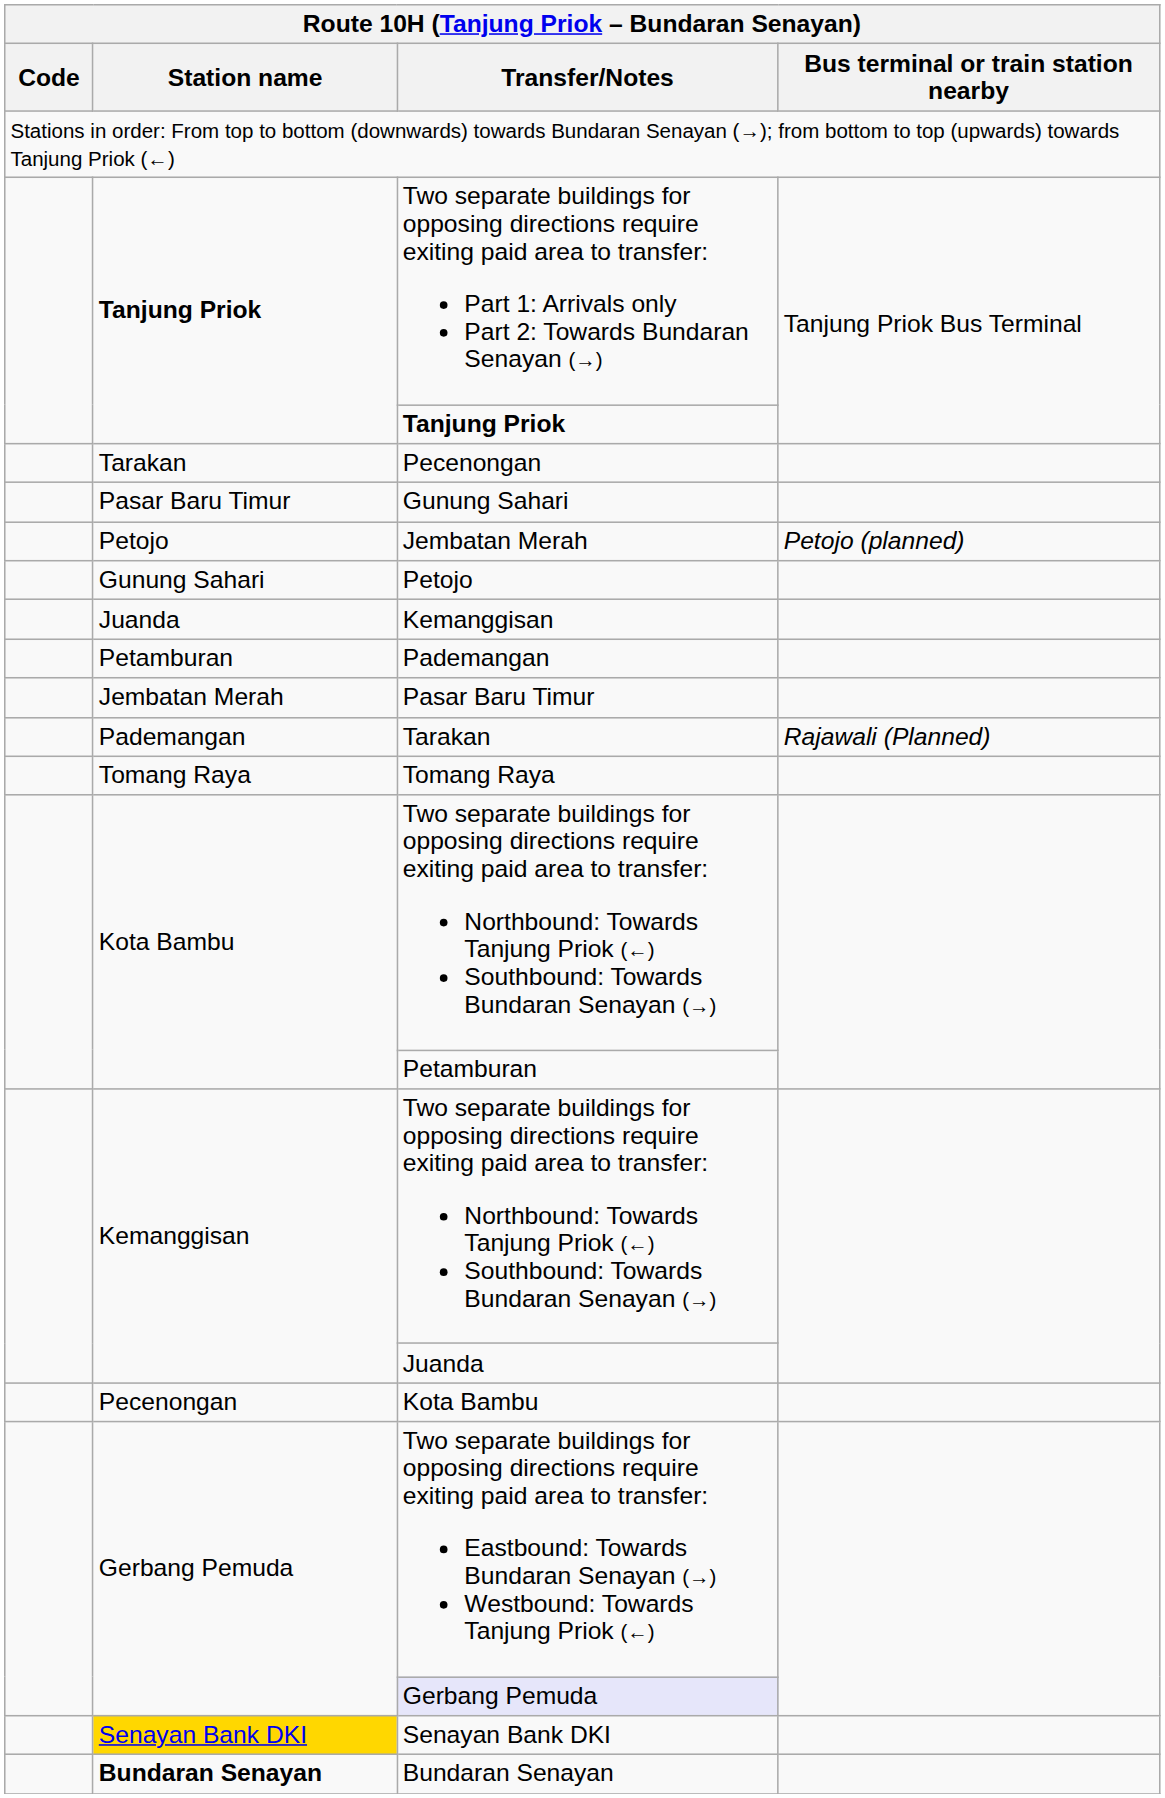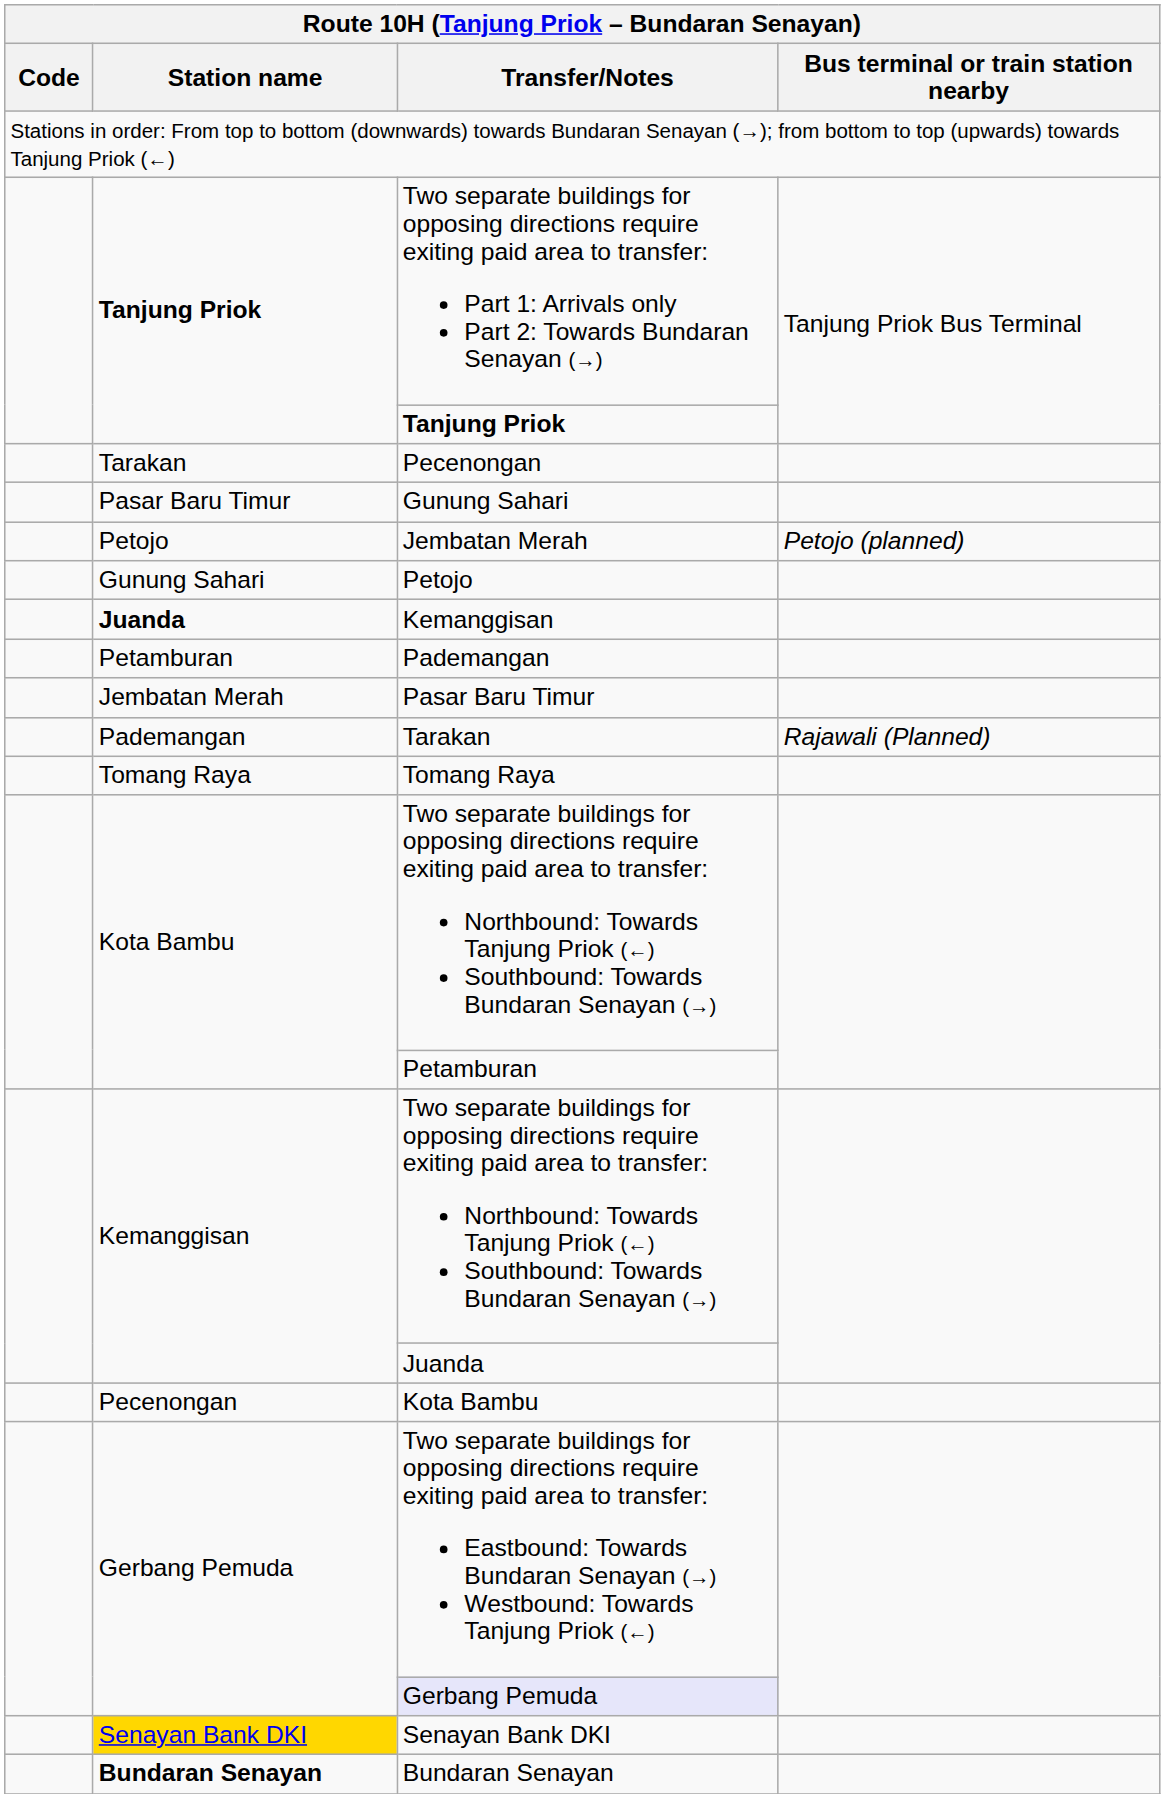 <table class="wikitable" style="font-size:100%">
 <tr>
 <th colspan="4" align="left"> Route 10H (<a href='#'>Tanjung Priok</a> – Bundaran Senayan)</th>
 </tr>
 <tr>
 <th width="50">Code</th>
 <th width="190">Station name</th>
 <th width="240">Transfer/Notes</th>
 <th width="240">Bus terminal or train station nearby</th>
 </tr>
 <tr>
 <td colspan="4"><small>Stations in order: From top to bottom (downwards) towards Bundaran Senayan (→); from bottom to top (upwards) towards Tanjung Priok (←)</small></td>
 </tr>
 <tr>
 <td rowspan="2" align="center"><strong></strong><br><strong></strong></td>
 <td rowspan="2"><strong>Tanjung Priok</strong></td>
 <td>Two separate buildings for opposing directions require exiting paid area to transfer:<br><ul><li>Part 1: Arrivals only</li><li>Part 2: Towards Bundaran Senayan <small>(→)</small></li></ul></td>
 <td rowspan="2"> <br> Tanjung Priok Bus Terminal</td>
 </tr>
 <tr>
 <td><strong>   Tanjung Priok</strong></td>
 </tr>
 <tr>
 <td align="center"><strong></strong></td>
 <td>Tarakan</td>
 <td>    Pecenongan</td>
 <td></td>
 </tr>
 <tr>
 <td align="center"><strong></strong><br><strong></strong></td>
 <td>Pasar Baru Timur</td>
 <td>  Gunung Sahari</td>
 <td></td>
 </tr>
 <tr>
 <td align="center"><strong></strong><br><strong></strong></td>
 <td>Petojo</td>
 <td>  Jembatan Merah</td>
 <td> <em>Petojo (planned)</em></td>
 </tr>
 <tr>
 <td align="center"><strong></strong></td>
 <td>Gunung Sahari</td>
 <td>    Petojo</td>
 <td></td>
 </tr>
 <tr>
 <td align="center"><strong></strong><br><strong></strong></td>
-<td>Juanda</td>
+<td><strong>Juanda</strong></td>
 <td>   Kemanggisan</td>
 <td> </td>
 </tr>
 <tr>
 <td align="center"><strong></strong><br><strong></strong></td>
 <td>Petamburan</td>
 <td> Pademangan</td>
 <td></td>
 </tr>
 <tr>
 <td align="center"><strong></strong></td>
 <td>Jembatan Merah</td>
 <td> Pasar Baru Timur</td>
 <td></td>
 </tr>
 <tr>
 <td align="center"><strong></strong></td>
 <td>Pademangan</td>
 <td> Tarakan</td>
 <td> <em>Rajawali (Planned)</em></td>
 </tr>
 <tr>
 <td align="center"><strong></strong></td>
 <td>Tomang Raya</td>
 <td> Tomang Raya</td>
 <td></td>
 </tr>
 <tr>
 <td rowspan="2" align="center"><strong></strong></td>
 <td rowspan="2">Kota Bambu</td>
 <td>Two separate buildings for opposing directions require exiting paid area to transfer:<br><ul><li>Northbound: Towards Tanjung Priok <small>(←)</small></li><li>Southbound: Towards Bundaran Senayan <small>(→)</small></li></ul></td>
 <td rowspan="2"></td>
 </tr>
 <tr>
 <td>   Petamburan</td>
 </tr>
 <tr>
 <td rowspan="2" align="center"><strong></strong></td>
 <td rowspan="2">Kemanggisan</td>
 <td>Two separate buildings for opposing directions require exiting paid area to transfer:<br><ul><li>Northbound: Towards Tanjung Priok <small>(←)</small></li><li>Southbound: Towards Bundaran Senayan <small>(→)</small></li></ul></td>
 <td rowspan="2"></td>
 </tr>
 <tr>
 <td>    Juanda</td>
 </tr>
 <tr>
 <td align="center"><strong></strong></td>
 <td>Pecenongan</td>
 <td>   Kota Bambu</td>
 <td></td>
 </tr>
 <tr>
 <td rowspan="2" align="center"><strong></strong></td>
 <td rowspan="2">Gerbang Pemuda</td>
 <td>Two separate buildings for opposing directions require exiting paid area to transfer:<br><ul><li>Eastbound: Towards Bundaran Senayan <small>(→)</small></li><li>Westbound: Towards Tanjung Priok <small>(←)</small></li></ul></td>
 <td rowspan="2"></td>
 </tr>
 <tr>
 <td style="background: lavender;">   Gerbang Pemuda</td>
 </tr>
 <tr>
 <td align="center"><strong></strong></td>
 <td style="background: gold;"><a href='#'>Senayan Bank DKI</a></td>
 <td>    Senayan Bank DKI</td>
 <td></td>
 </tr>
 <tr>
 <td align="center"><strong></strong></td>
 <td><strong>Bundaran Senayan</strong></td>
 <td>   Bundaran Senayan</td>
 <td> </td>
 </tr>
 <tr>
 </tr>
 </table>
